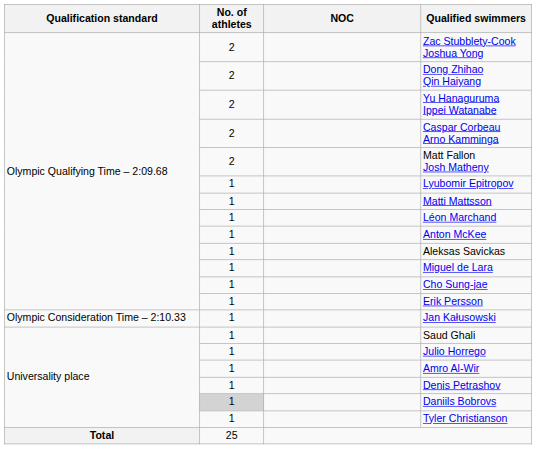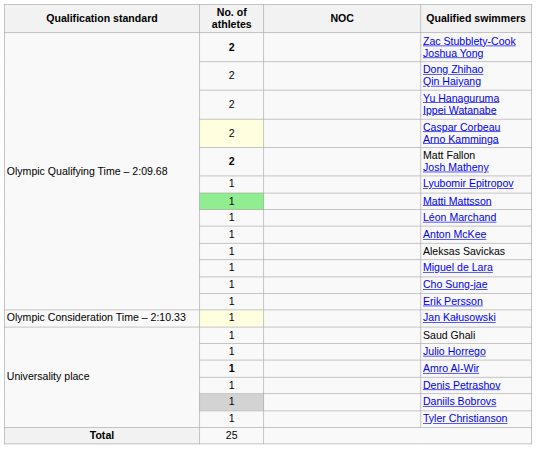 <table class=wikitable style="text-align:left" width=800>
 <tr>
 <th scope="col">Qualification standard</th>
 <th scope="col" width =90>No. of athletes</th>
 <th scope="col" width =230>NOC</th>
 <th scope="col">Qualified swimmers</th>
 </tr>
 <tr>
 <td rowspan=13>Olympic Qualifying Time – 2:09.68</td>
-<td align=center>2</td>
+<td align=center><strong>2</strong></td>
 <td></td>
 <td><a href='#'>Zac Stubblety-Cook</a><br><a href='#'>Joshua Yong</a></td>
 </tr>
 <tr>
 <td align=center>2</td>
 <td></td>
 <td><a href='#'>Dong Zhihao</a><br><a href='#'>Qin Haiyang</a></td>
 </tr>
 <tr>
 <td align=center>2</td>
 <td></td>
 <td><a href='#'>Yu Hanaguruma</a><br><a href='#'>Ippei Watanabe</a></td>
 </tr>
 <tr>
-<td align=center>2</td>
+<td align=center style="background: lightyellow;">2</td>
 <td></td>
 <td><a href='#'>Caspar Corbeau</a><br><a href='#'>Arno Kamminga</a></td>
 </tr>
 <tr>
-<td align=center>2</td>
+<td align=center><strong>2</strong></td>
 <td></td>
 <td>Matt Fallon<br><a href='#'>Josh Matheny</a></td>
 </tr>
 <tr>
 <td align=center>1</td>
 <td></td>
 <td><a href='#'>Lyubomir Epitropov</a></td>
 </tr>
 <tr>
-<td align=center>1</td>
+<td align=center style="background: lightgreen;">1</td>
 <td></td>
 <td><a href='#'>Matti Mattsson</a></td>
 </tr>
 <tr>
 <td align=center>1</td>
 <td></td>
 <td><a href='#'>Léon Marchand</a></td>
 </tr>
 <tr>
 <td align=center>1</td>
 <td></td>
 <td><a href='#'>Anton McKee</a></td>
 </tr>
 <tr>
 <td align=center>1</td>
 <td></td>
 <td>Aleksas Savickas</td>
 </tr>
 <tr>
 <td align=center>1</td>
 <td></td>
 <td><a href='#'>Miguel de Lara</a></td>
 </tr>
 <tr>
 <td align=center>1</td>
 <td></td>
 <td><a href='#'>Cho Sung-jae</a></td>
 </tr>
 <tr>
 <td align=center>1</td>
 <td></td>
 <td><a href='#'>Erik Persson</a></td>
 </tr>
 <tr>
 <td>Olympic Consideration Time – 2:10.33</td>
-<td align=center>1</td>
+<td align=center style="background: lightyellow;">1</td>
 <td></td>
 <td><a href='#'>Jan Kałusowski</a></td>
 </tr>
 <tr>
 <td rowspan=6>Universality place</td>
 <td align=center>1</td>
 <td></td>
 <td>Saud Ghali</td>
 </tr>
 <tr>
 <td align=center>1</td>
 <td></td>
 <td><a href='#'>Julio Horrego</a></td>
 </tr>
 <tr>
-<td align=center>1</td>
+<td align=center><strong>1</strong></td>
 <td></td>
 <td><a href='#'>Amro Al-Wir</a></td>
 </tr>
 <tr>
 <td align=center>1</td>
 <td></td>
 <td><a href='#'>Denis Petrashov</a></td>
 </tr>
 <tr>
 <td align=center style="background: lightgrey;">1</td>
 <td></td>
 <td><a href='#'>Daniils Bobrovs</a></td>
 </tr>
 <tr>
 <td align=center>1</td>
 <td></td>
 <td><a href='#'>Tyler Christianson</a></td>
 </tr>
 <tr>
 <th scope="row">Total</th>
 <td align=center>25</td>
 <td colspan=2></td>
 </tr>
 </table>
